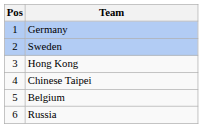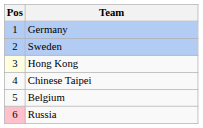 <table class="wikitable" style="font-size: 100%">
 <tr>
 <th width=15>Pos</th>
 <th width=250>Team</th>
 </tr>
 <tr align=center style="background: #b2ccf4;">
 <td>1</td>
 <td align="left"> Germany</td>
 </tr>
 <tr align=center style="background: #b2ccf4;">
 <td>2</td>
 <td align="left"> Sweden</td>
 </tr>
 <tr align=center>
-<td>3</td>
+<td style="background: lightyellow;">3</td>
 <td align="left"> Hong Kong</td>
 </tr>
 <tr align=center>
 <td>4</td>
 <td align="left"> Chinese Taipei</td>
 </tr>
 <tr align=center>
 <td>5</td>
 <td align="left"> Belgium</td>
 </tr>
 <tr align=center>
-<td>6</td>
+<td style="background: pink;">6</td>
 <td align="left"> Russia</td>
 </tr>
 </table>
